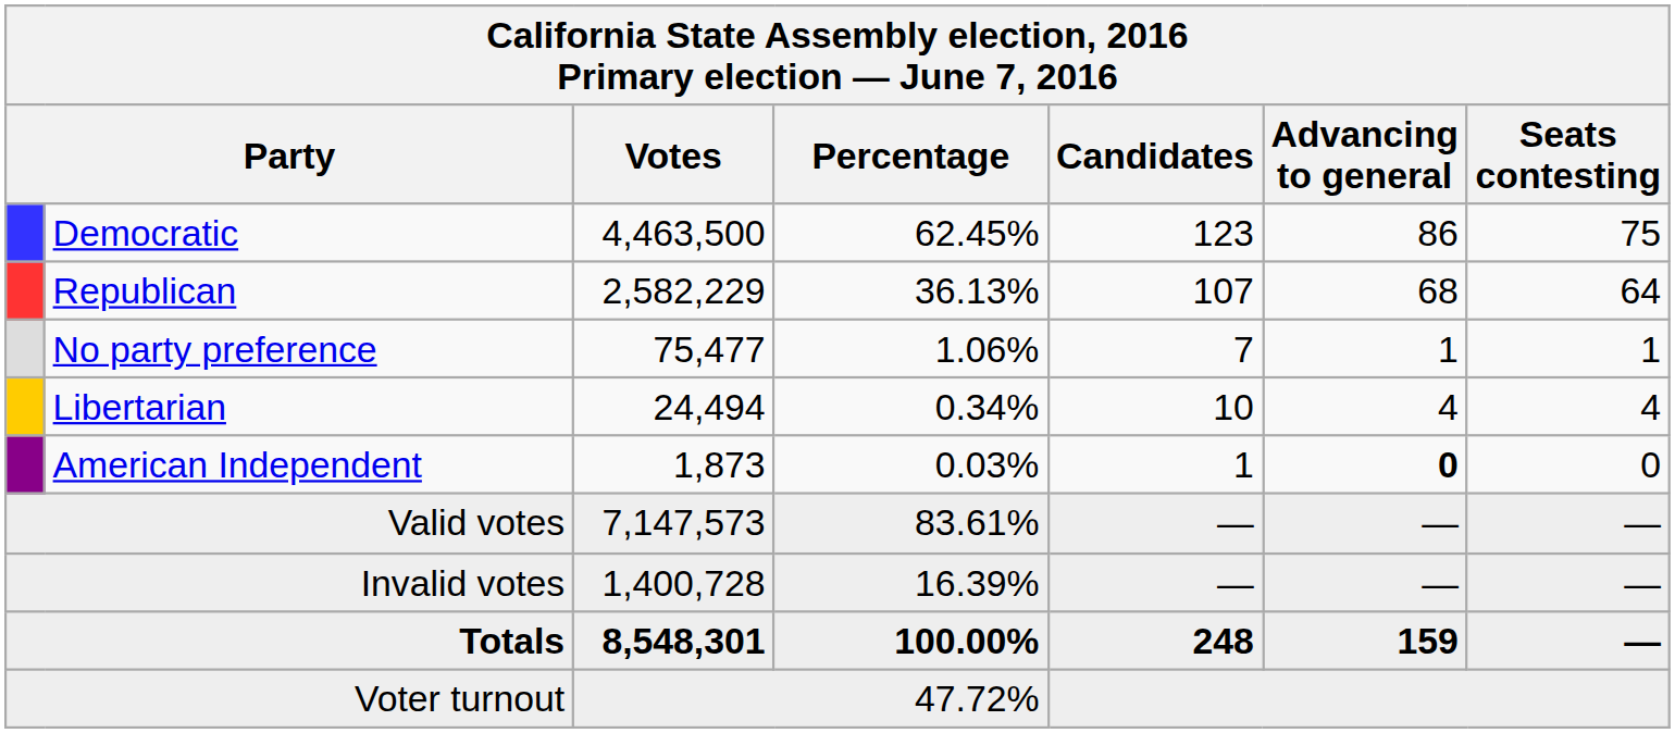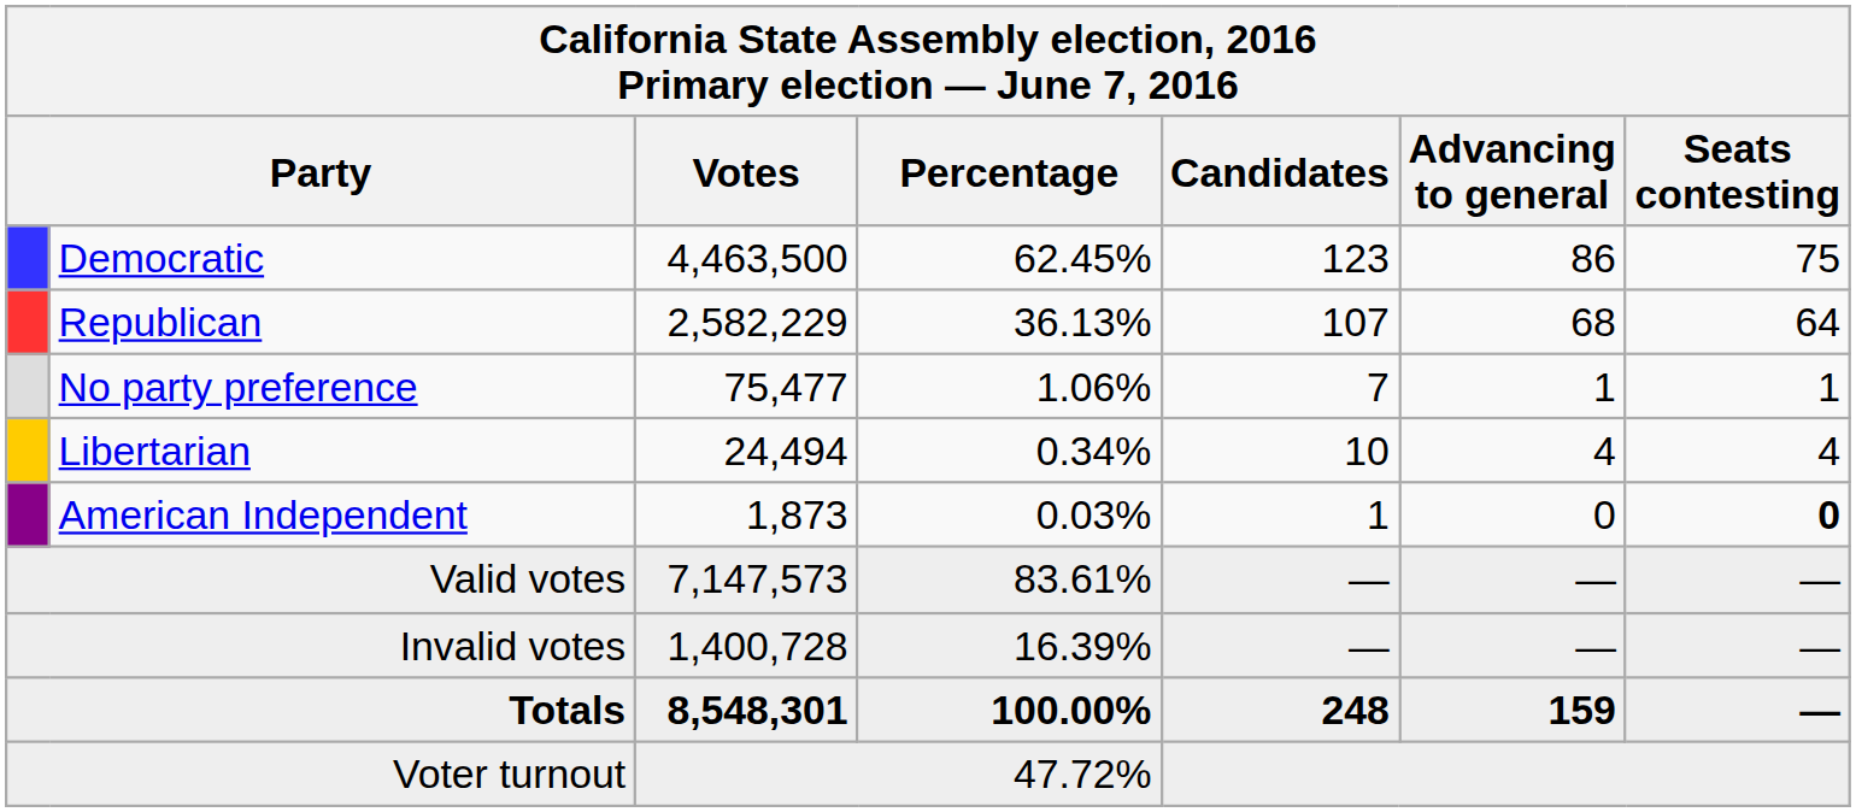 <table class="wikitable" style="font-size:95%;">
 <tr>
 <th colspan="7">California State Assembly election, 2016<br>Primary election — June 7, 2016</th>
 </tr>
 <tr>
 <th colspan=2 style="width: 15em">Party</th>
 <th style="width: 5em">Votes</th>
 <th style="width: 7em">Percentage</th>
 <th style="width: 5em">Candidates</th>
 <th style="width: 5em">Advancing to general</th>
 <th style="width: 5em">Seats contesting</th>
 </tr>
 <tr>
 <th style="background-color:#33F; width: 3px"></th>
 <td style="width: 130px"><a href='#'>Democratic</a></td>
 <td align="right">4,463,500</td>
 <td align="right">62.45%</td>
 <td align="right">123</td>
 <td align="right">86</td>
 <td align="right">75</td>
 </tr>
 <tr>
 <th style="background-color:#F33; width: 3px"></th>
 <td style="width: 130px"><a href='#'>Republican</a></td>
 <td align="right">2,582,229</td>
 <td align="right">36.13%</td>
 <td align="right">107</td>
 <td align="right">68</td>
 <td align="right">64</td>
 </tr>
 <tr>
 <th style="background-color:#DDD; width: 3px"></th>
 <td style="width: 130px"><a href='#'>No party preference</a></td>
 <td align="right">75,477</td>
 <td align="right">1.06%</td>
 <td align="right">7</td>
 <td align="right">1</td>
 <td align="right">1</td>
 </tr>
 <tr>
 <th style="background-color:#FC0; width: 3px"></th>
 <td style="width: 130px"><a href='#'>Libertarian</a></td>
 <td align="right">24,494</td>
 <td align="right">0.34%</td>
 <td align="right">10</td>
 <td align="right">4</td>
 <td align="right">4</td>
 </tr>
 <tr>
 <th style="background-color:#808; width: 3px"></th>
 <td style="width: 130px"><a href='#'>American Independent</a></td>
 <td align="right">1,873</td>
 <td align="right">0.03%</td>
 <td align="right">1</td>
+<td align="right">0</td>
 <td align="right"><strong>0</strong></td>
-<td align="right">0</td>
 </tr>
 <tr style="background:#eee; text-align:right;">
 <td colspan="2">Valid votes</td>
 <td>7,147,573</td>
 <td>83.61%</td>
 <td>—</td>
 <td>—</td>
 <td>—</td>
 </tr>
 <tr style="background:#eee; text-align:right;">
 <td colspan="2">Invalid votes</td>
 <td>1,400,728</td>
 <td>16.39%</td>
 <td>—</td>
 <td>—</td>
 <td>—</td>
 </tr>
 <tr style="background:#eee; text-align:right;">
 <td colspan="2"><strong>Totals</strong></td>
 <td><strong>8,548,301</strong></td>
 <td><strong>100.00%</strong></td>
 <td><strong>248</strong></td>
 <td><strong>159</strong></td>
 <td><strong>—</strong></td>
 </tr>
 <tr style="background:#eee; text-align:right;">
 <td colspan="2">Voter turnout</td>
 <td colspan="2">47.72%</td>
 <td colspan="3"></td>
 </tr>
 </table>
